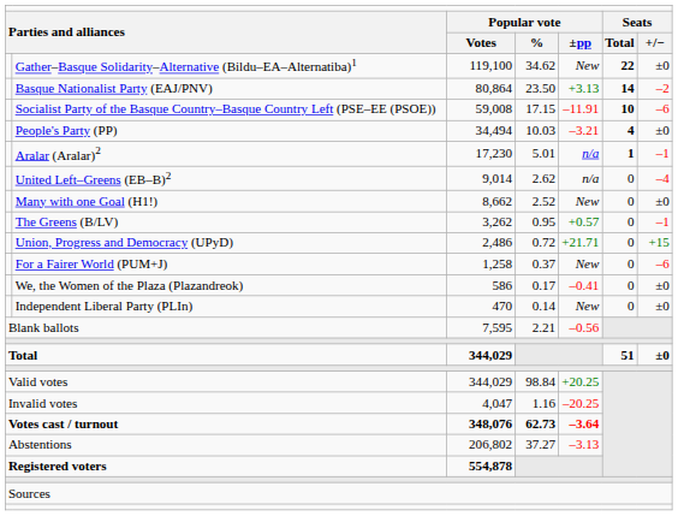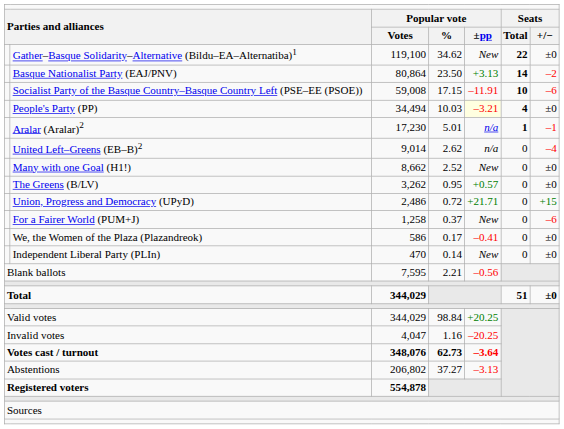 <table class="wikitable" style="text-align:right;">
 <tr>
 <td colspan="7"></td>
 </tr>
 <tr>
 <th style="text-align:left;" rowspan="2" colspan="2" width="525">Parties and alliances</th>
 <th colspan="3">Popular vote</th>
 <th colspan="2">Seats</th>
 </tr>
 <tr>
 <th width="75">Votes</th>
 <th width="45">%</th>
 <th width="45">±<a href='#'>pp</a></th>
 <th width="35">Total</th>
 <th width="35">+/−</th>
 </tr>
 <tr>
 <td width="1" style="color:inherit;background:"></td>
 <td align="left"><a href='#'>Gather</a>–<a href='#'>Basque Solidarity</a>–<a href='#'>Alternative</a> (Bildu–EA–Alternatiba)<sup>1</sup></td>
 <td>119,100</td>
 <td>34.62</td>
 <td><em>New</em></td>
 <td><strong>22</strong></td>
 <td>±0</td>
 </tr>
 <tr>
 <td style="color:inherit;background:"></td>
 <td align="left"><a href='#'>Basque Nationalist Party</a> (EAJ/PNV)</td>
 <td>80,864</td>
 <td>23.50</td>
 <td style="color:green;">+3.13</td>
 <td><strong>14</strong></td>
 <td style="color:red;">–2</td>
 </tr>
 <tr>
 <td style="color:inherit;background:"></td>
 <td align="left"><a href='#'>Socialist Party of the Basque Country–Basque Country Left</a> (PSE–EE (PSOE))</td>
 <td>59,008</td>
 <td>17.15</td>
 <td style="color:red;">–11.91</td>
 <td><strong>10</strong></td>
 <td style="color:red;">–6</td>
 </tr>
 <tr>
 <td style="color:inherit;background:"></td>
 <td align="left"><a href='#'>People's Party</a> (PP)</td>
 <td>34,494</td>
 <td>10.03</td>
-<td style="color:red;">–3.21</td>
+<td style="background: lightyellow; color:red;">–3.21</td>
 <td><strong>4</strong></td>
 <td>±0</td>
 </tr>
 <tr>
 <td style="color:inherit;background:"></td>
 <td align="left"><a href='#'>Aralar</a> (Aralar)<sup>2</sup></td>
 <td>17,230</td>
 <td>5.01</td>
 <td><em><a href='#'>n/a</a></em></td>
 <td><strong>1</strong></td>
 <td style="color:red;">–1</td>
 </tr>
 <tr>
 <td style="color:inherit;background:"></td>
 <td align="left"><a href='#'>United Left–Greens</a> (EB–B)<sup>2</sup></td>
 <td>9,014</td>
 <td>2.62</td>
 <td><em>n/a</em></td>
 <td>0</td>
 <td style="color:red;">–4</td>
 </tr>
 <tr>
 <td style="color:inherit;background:"></td>
 <td align="left"><a href='#'>Many with one Goal</a> (H1!)</td>
 <td>8,662</td>
 <td>2.52</td>
 <td><em>New</em></td>
 <td>0</td>
 <td>±0</td>
 </tr>
 <tr>
 <td style="color:inherit;background:"></td>
 <td align="left"><a href='#'>The Greens</a> (B/LV)</td>
 <td>3,262</td>
 <td>0.95</td>
 <td style="color:green;">+0.57</td>
 <td>0</td>
-<td style="color:red;">–1</td>
+<td>±0</td>
 </tr>
 <tr>
 <td style="color:inherit;background:"></td>
 <td align="left"><a href='#'>Union, Progress and Democracy</a> (UPyD)</td>
 <td>2,486</td>
 <td>0.72</td>
 <td style="color:green;">+21.71</td>
 <td>0</td>
 <td style="color:green;">+15</td>
 </tr>
 <tr>
 <td style="color:inherit;background:"></td>
 <td align="left"><a href='#'>For a Fairer World</a> (PUM+J)</td>
 <td>1,258</td>
 <td>0.37</td>
 <td><em>New</em></td>
 <td>0</td>
 <td style="color:red;">–6</td>
 </tr>
 <tr>
 <td style="color:inherit;background:"></td>
 <td align="left">We, the Women of the Plaza (Plazandreok)</td>
 <td>586</td>
 <td>0.17</td>
 <td style="color:red;">–0.41</td>
 <td>0</td>
 <td>±0</td>
 </tr>
 <tr>
 <td style="color:inherit;background:"></td>
 <td align="left">Independent Liberal Party (PLIn)</td>
 <td>470</td>
 <td>0.14</td>
 <td><em>New</em></td>
 <td>0</td>
 <td>±0</td>
 </tr>
 <tr>
 <td align="left" colspan="2">Blank ballots</td>
 <td>7,595</td>
 <td>2.21</td>
 <td style="color:red;">–0.56</td>
 <td bgcolor="#E9E9E9" colspan="2"></td>
 </tr>
 <tr>
 <td colspan="7" bgcolor="#E9E9E9"></td>
 </tr>
 <tr style="font-weight:bold;">
 <td align="left" colspan="2">Total</td>
 <td>344,029</td>
 <td bgcolor="#E9E9E9" colspan="2"></td>
 <td>51</td>
 <td>±0</td>
 </tr>
 <tr>
 <td colspan="7" bgcolor="#E9E9E9"></td>
 </tr>
 <tr>
 <td align="left" colspan="2">Valid votes</td>
 <td>344,029</td>
 <td>98.84</td>
 <td style="color:green;">+20.25</td>
 <td bgcolor="#E9E9E9" colspan="2" rowspan="5"></td>
 </tr>
 <tr>
 <td align="left" colspan="2">Invalid votes</td>
 <td>4,047</td>
 <td>1.16</td>
 <td style="color:red;">–20.25</td>
 </tr>
 <tr style="font-weight:bold;">
 <td align="left" colspan="2">Votes cast / turnout</td>
 <td>348,076</td>
 <td>62.73</td>
 <td style="color:red;">–3.64</td>
 </tr>
 <tr>
 <td align="left" colspan="2">Abstentions</td>
 <td>206,802</td>
 <td>37.27</td>
 <td style="color:red;">–3.13</td>
 </tr>
 <tr style="font-weight:bold;">
 <td align="left" colspan="2">Registered voters</td>
 <td>554,878</td>
 <td bgcolor="#E9E9E9" colspan="2"></td>
 </tr>
 <tr>
 <td colspan="7" bgcolor="#E9E9E9"></td>
 </tr>
 <tr>
 <td align="left" colspan="7">Sources</td>
 </tr>
 <tr>
 <td colspan="7" style="text-align:left; max-width:790px;"></td>
 </tr>
 </table>
